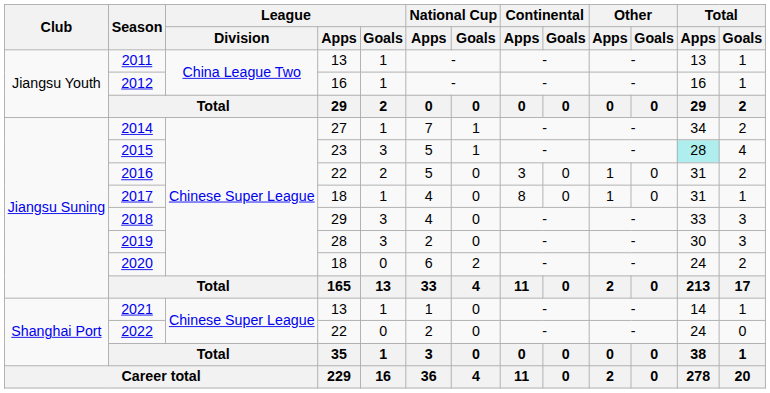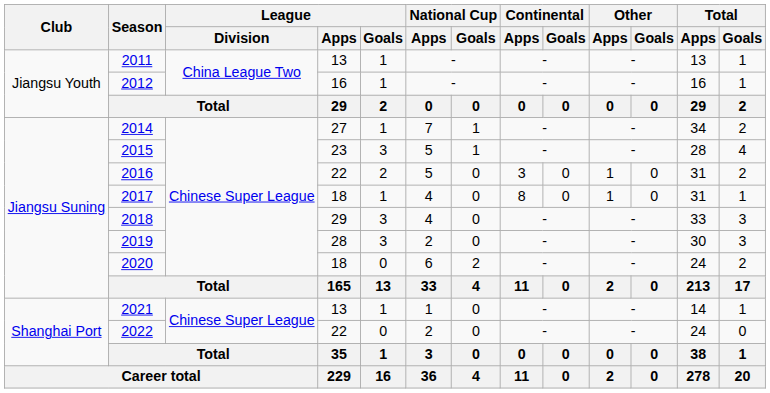 <table class="wikitable" style="text-align: center">
 <tr>
 <th rowspan="2">Club</th>
 <th rowspan="2">Season</th>
 <th colspan="3">League</th>
 <th colspan="2">National Cup</th>
 <th colspan="2">Continental</th>
 <th colspan="2">Other</th>
 <th colspan="2">Total</th>
 </tr>
 <tr>
 <th>Division</th>
 <th>Apps</th>
 <th>Goals</th>
 <th>Apps</th>
 <th>Goals</th>
 <th>Apps</th>
 <th>Goals</th>
 <th>Apps</th>
 <th>Goals</th>
 <th>Apps</th>
 <th>Goals</th>
 </tr>
 <tr>
 <td rowspan="3">Jiangsu Youth</td>
 <td><a href='#'>2011</a></td>
 <td rowspan="2"><a href='#'>China League Two</a></td>
 <td>13</td>
 <td>1</td>
 <td colspan="2">-</td>
 <td colspan="2">-</td>
 <td colspan="2">-</td>
 <td>13</td>
 <td>1</td>
 </tr>
 <tr>
 <td><a href='#'>2012</a></td>
 <td>16</td>
 <td>1</td>
 <td colspan="2">-</td>
 <td colspan="2">-</td>
 <td colspan="2">-</td>
 <td>16</td>
 <td>1</td>
 </tr>
 <tr>
 <th colspan="2"><strong>Total</strong></th>
 <th>29</th>
 <th>2</th>
 <th>0</th>
 <th>0</th>
 <th>0</th>
 <th>0</th>
 <th>0</th>
 <th>0</th>
 <th>29</th>
 <th>2</th>
 </tr>
 <tr>
 <td rowspan=8><a href='#'>Jiangsu Suning</a></td>
 <td><a href='#'>2014</a></td>
 <td rowspan=7><a href='#'>Chinese Super League</a></td>
 <td>27</td>
 <td>1</td>
 <td>7</td>
 <td>1</td>
 <td colspan="2">-</td>
 <td colspan="2">-</td>
 <td>34</td>
 <td>2</td>
 </tr>
 <tr>
 <td><a href='#'>2015</a></td>
 <td>23</td>
 <td>3</td>
 <td>5</td>
 <td>1</td>
 <td colspan="2">-</td>
 <td colspan="2">-</td>
-<td style="background: paleturquoise;">28</td>
+<td>28</td>
 <td>4</td>
 </tr>
 <tr>
 <td><a href='#'>2016</a></td>
 <td>22</td>
 <td>2</td>
 <td>5</td>
 <td>0</td>
 <td>3</td>
 <td>0</td>
 <td>1</td>
 <td>0</td>
 <td>31</td>
 <td>2</td>
 </tr>
 <tr>
 <td><a href='#'>2017</a></td>
 <td>18</td>
 <td>1</td>
 <td>4</td>
 <td>0</td>
 <td>8</td>
 <td>0</td>
 <td>1</td>
 <td>0</td>
 <td>31</td>
 <td>1</td>
 </tr>
 <tr>
 <td><a href='#'>2018</a></td>
 <td>29</td>
 <td>3</td>
 <td>4</td>
 <td>0</td>
 <td colspan="2">-</td>
 <td colspan="2">-</td>
 <td>33</td>
 <td>3</td>
 </tr>
 <tr>
 <td><a href='#'>2019</a></td>
 <td>28</td>
 <td>3</td>
 <td>2</td>
 <td>0</td>
 <td colspan="2">-</td>
 <td colspan="2">-</td>
 <td>30</td>
 <td>3</td>
 </tr>
 <tr>
 <td><a href='#'>2020</a></td>
 <td>18</td>
 <td>0</td>
 <td>6</td>
 <td>2</td>
 <td colspan="2">-</td>
 <td colspan="2">-</td>
 <td>24</td>
 <td>2</td>
 </tr>
 <tr>
 <th colspan="2"><strong>Total</strong></th>
 <th>165</th>
 <th>13</th>
 <th>33</th>
 <th>4</th>
 <th>11</th>
 <th>0</th>
 <th>2</th>
 <th>0</th>
 <th>213</th>
 <th>17</th>
 </tr>
 <tr>
 <td rowspan="3"><a href='#'>Shanghai Port</a></td>
 <td><a href='#'>2021</a></td>
 <td rowspan="2"><a href='#'>Chinese Super League</a></td>
 <td>13</td>
 <td>1</td>
 <td>1</td>
 <td>0</td>
 <td colspan="2">-</td>
 <td colspan="2">-</td>
 <td>14</td>
 <td>1</td>
 </tr>
 <tr>
 <td><a href='#'>2022</a></td>
 <td>22</td>
 <td>0</td>
 <td>2</td>
 <td>0</td>
 <td colspan="2">-</td>
 <td colspan="2">-</td>
 <td>24</td>
 <td>0</td>
 </tr>
 <tr>
 <th colspan="2"><strong>Total</strong></th>
 <th>35</th>
 <th>1</th>
 <th>3</th>
 <th>0</th>
 <th>0</th>
 <th>0</th>
 <th>0</th>
 <th>0</th>
 <th>38</th>
 <th>1</th>
 </tr>
 <tr>
 <th colspan="3">Career total</th>
 <th>229</th>
 <th>16</th>
 <th>36</th>
 <th>4</th>
 <th>11</th>
 <th>0</th>
 <th>2</th>
 <th>0</th>
 <th>278</th>
 <th>20</th>
 </tr>
 </table>
